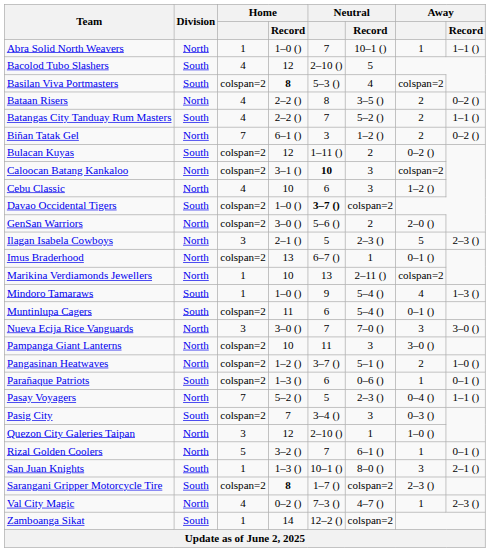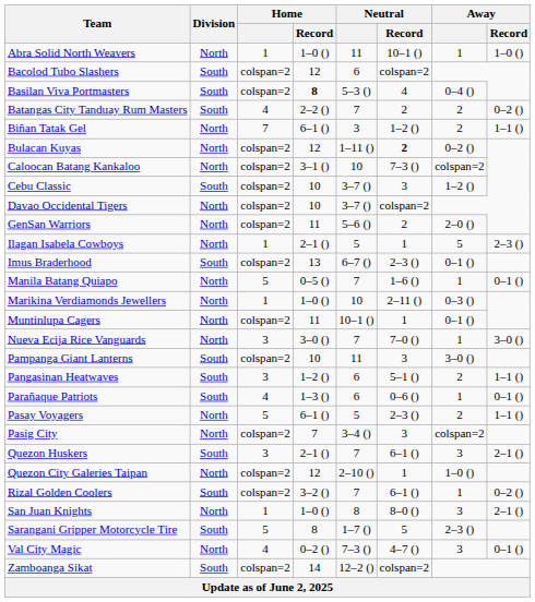 <table class="wikitable sortable" style="text-align:center">
 <tr>
 <th rowspan=2>Team</th>
 <th rowspan=2>Division</th>
 <th colspan=2 class="unsortable">Home</th>
 <th colspan=2 class="unsortable">Neutral</th>
 <th colspan=2 class="unsortable">Away</th>
 </tr>
 <tr>
 <th></th>
 <th>Record</th>
 <th></th>
 <th>Record</th>
 <th></th>
 <th>Record</th>
 </tr>
 <tr>
 <td align=left><a href='#'>Abra Solid North Weavers</a></td>
 <td><a href='#'>North</a></td>
 <td>1</td>
 <td>1–0 ()</td>
-<td>7</td>
+<td>11</td>
 <td>10–1 ()</td>
 <td>1</td>
-<td>1–1 ()</td>
+<td>1–0 ()</td>
 </tr>
 <tr>
 <td align=left><a href='#'>Bacolod Tubo Slashers</a></td>
 <td><a href='#'>South</a></td>
-<td>4</td>
+<td>colspan=2 </td>
 <td>12</td>
-<td>2–10 ()</td>
-<td>5</td>
+<td>6</td>
+<td>colspan=2 </td>
 </tr>
 <tr>
 <td align=left><a href='#'>Basilan Viva Portmasters</a></td>
 <td><a href='#'>South</a></td>
 <td>colspan=2 </td>
 <td><strong>8</strong></td>
 <td>5–3 ()</td>
 <td>4</td>
-<td>colspan=2 </td>
-</tr>
-<tr>
-<td align=left><a href='#'>Bataan Risers</a></td>
-<td><a href='#'>North</a></td>
-<td>4</td>
-<td>2–2 ()</td>
-<td>8</td>
-<td>3–5 ()</td>
-<td>2</td>
-<td>0–2 ()</td>
+<td>0–4 ()</td>
 </tr>
 <tr>
 <td align=left><a href='#'>Batangas City Tanduay Rum Masters</a></td>
 <td><a href='#'>South</a></td>
 <td>4</td>
 <td>2–2 ()</td>
 <td>7</td>
-<td>5–2 ()</td>
 <td>2</td>
-<td>1–1 ()</td>
+<td>2</td>
+<td>0–2 ()</td>
 </tr>
 <tr>
 <td align=left><a href='#'>Biñan Tatak Gel</a></td>
 <td><a href='#'>North</a></td>
 <td>7</td>
 <td>6–1 ()</td>
 <td>3</td>
 <td>1–2 ()</td>
 <td>2</td>
-<td>0–2 ()</td>
+<td>1–1 ()</td>
 </tr>
 <tr>
 <td align=left><a href='#'>Bulacan Kuyas</a></td>
-<td><a href='#'>South</a></td>
+<td><a href='#'>North</a></td>
 <td>colspan=2 </td>
 <td>12</td>
 <td>1–11 ()</td>
-<td>2</td>
+<td><strong>2</strong></td>
 <td>0–2 ()</td>
 </tr>
 <tr>
 <td align=left><a href='#'>Caloocan Batang Kankaloo</a></td>
 <td><a href='#'>North</a></td>
 <td>colspan=2 </td>
 <td>3–1 ()</td>
-<td><strong>10</strong></td>
-<td>3</td>
+<td>10</td>
+<td>7–3 ()</td>
 <td>colspan=2 </td>
 </tr>
 <tr>
 <td align=left><a href='#'>Cebu Classic</a></td>
-<td><a href='#'>North</a></td>
-<td>4</td>
+<td><a href='#'>South</a></td>
+<td>colspan=2 </td>
 <td>10</td>
-<td>6</td>
+<td>3–7 ()</td>
 <td>3</td>
 <td>1–2 ()</td>
 </tr>
 <tr>
 <td align=left><a href='#'>Davao Occidental Tigers</a></td>
-<td><a href='#'>South</a></td>
+<td><a href='#'>North</a></td>
 <td>colspan=2 </td>
-<td>1–0 ()</td>
-<td><strong>3–7 ()</strong></td>
+<td>10</td>
+<td>3–7 ()</td>
 <td>colspan=2 </td>
 </tr>
 <tr>
 <td align=left><a href='#'>GenSan Warriors</a></td>
 <td><a href='#'>North</a></td>
 <td>colspan=2 </td>
-<td>3–0 ()</td>
+<td>11</td>
 <td>5–6 ()</td>
 <td>2</td>
 <td>2–0 ()</td>
 </tr>
 <tr>
 <td align=left><a href='#'>Ilagan Isabela Cowboys</a></td>
 <td><a href='#'>North</a></td>
-<td>3</td>
+<td>1</td>
 <td>2–1 ()</td>
 <td>5</td>
-<td>2–3 ()</td>
+<td>1</td>
 <td>5</td>
 <td>2–3 ()</td>
 </tr>
 <tr>
 <td align=left><a href='#'>Imus Braderhood</a></td>
-<td><a href='#'>North</a></td>
+<td><a href='#'>South</a></td>
 <td>colspan=2 </td>
 <td>13</td>
 <td>6–7 ()</td>
+<td>2–3 ()</td>
+<td>0–1 ()</td>
+</tr>
+<tr>
+<td align=left><a href='#'>Manila Batang Quiapo</a></td>
+<td><a href='#'>North</a></td>
+<td>5</td>
+<td>0–5 ()</td>
+<td>7</td>
+<td>1–6 ()</td>
 <td>1</td>
 <td>0–1 ()</td>
 </tr>
 <tr>
 <td align=left><a href='#'>Marikina Verdiamonds Jewellers</a></td>
 <td><a href='#'>North</a></td>
 <td>1</td>
+<td>1–0 ()</td>
 <td>10</td>
-<td>13</td>
 <td>2–11 ()</td>
-<td>colspan=2 </td>
-</tr>
-<tr>
-<td align=left><a href='#'>Mindoro Tamaraws</a></td>
-<td><a href='#'>South</a></td>
-<td>1</td>
-<td>1–0 ()</td>
-<td>9</td>
-<td>5–4 ()</td>
-<td>4</td>
-<td>1–3 ()</td>
+<td>0–3 ()</td>
 </tr>
 <tr>
 <td align=left><a href='#'>Muntinlupa Cagers</a></td>
-<td><a href='#'>South</a></td>
+<td><a href='#'>North</a></td>
 <td>colspan=2 </td>
 <td>11</td>
-<td>6</td>
-<td>5–4 ()</td>
+<td>10–1 ()</td>
+<td>1</td>
 <td>0–1 ()</td>
 </tr>
 <tr>
 <td align=left><a href='#'>Nueva Ecija Rice Vanguards</a></td>
 <td><a href='#'>North</a></td>
 <td>3</td>
 <td>3–0 ()</td>
 <td>7</td>
 <td>7–0 ()</td>
-<td>3</td>
+<td>1</td>
 <td>3–0 ()</td>
 </tr>
 <tr>
 <td align=left><a href='#'>Pampanga Giant Lanterns</a></td>
-<td><a href='#'>North</a></td>
+<td><a href='#'>South</a></td>
 <td>colspan=2 </td>
 <td>10</td>
 <td>11</td>
 <td>3</td>
 <td>3–0 ()</td>
 </tr>
 <tr>
 <td align=left><a href='#'>Pangasinan Heatwaves</a></td>
-<td><a href='#'>North</a></td>
-<td>colspan=2 </td>
+<td><a href='#'>South</a></td>
+<td>3</td>
 <td>1–2 ()</td>
-<td>3–7 ()</td>
+<td>6</td>
 <td>5–1 ()</td>
 <td>2</td>
-<td>1–0 ()</td>
+<td>1–1 ()</td>
 </tr>
 <tr>
 <td align=left><a href='#'>Parañaque Patriots</a></td>
 <td><a href='#'>South</a></td>
-<td>colspan=2 </td>
+<td>4</td>
 <td>1–3 ()</td>
 <td>6</td>
 <td>0–6 ()</td>
 <td>1</td>
 <td>0–1 ()</td>
 </tr>
 <tr>
 <td align=left><a href='#'>Pasay Voyagers</a></td>
 <td><a href='#'>North</a></td>
-<td>7</td>
-<td>5–2 ()</td>
+<td>5</td>
+<td>6–1 ()</td>
 <td>5</td>
 <td>2–3 ()</td>
-<td>0–4 ()</td>
+<td>2</td>
 <td>1–1 ()</td>
 </tr>
 <tr>
 <td align=left><a href='#'>Pasig City</a></td>
-<td><a href='#'>South</a></td>
+<td><a href='#'>North</a></td>
 <td>colspan=2 </td>
 <td>7</td>
 <td>3–4 ()</td>
 <td>3</td>
-<td>0–3 ()</td>
+<td>colspan=2 </td>
+</tr>
+<tr>
+<td align=left><a href='#'>Quezon Huskers</a></td>
+<td><a href='#'>South</a></td>
+<td>3</td>
+<td>2–1 ()</td>
+<td>7</td>
+<td>6–1 ()</td>
+<td>3</td>
+<td>2–1 ()</td>
 </tr>
 <tr>
 <td align=left><a href='#'>Quezon City Galeries Taipan</a></td>
 <td><a href='#'>North</a></td>
-<td>3</td>
+<td>colspan=2 </td>
 <td>12</td>
 <td>2–10 ()</td>
 <td>1</td>
 <td>1–0 ()</td>
 </tr>
 <tr>
 <td align=left><a href='#'>Rizal Golden Coolers</a></td>
-<td><a href='#'>North</a></td>
-<td>5</td>
+<td><a href='#'>South</a></td>
+<td>colspan=2 </td>
 <td>3–2 ()</td>
 <td>7</td>
 <td>6–1 ()</td>
 <td>1</td>
-<td>0–1 ()</td>
+<td>0–2 ()</td>
 </tr>
 <tr>
 <td align=left><a href='#'>San Juan Knights</a></td>
-<td><a href='#'>South</a></td>
+<td><a href='#'>North</a></td>
 <td>1</td>
-<td>1–3 ()</td>
-<td>10–1 ()</td>
+<td>1–0 ()</td>
+<td>8</td>
 <td>8–0 ()</td>
 <td>3</td>
 <td>2–1 ()</td>
 </tr>
 <tr>
 <td align=left><a href='#'>Sarangani Gripper Motorcycle Tire</a></td>
 <td><a href='#'>South</a></td>
-<td>colspan=2 </td>
-<td><strong>8</strong></td>
+<td>5</td>
+<td>8</td>
 <td>1–7 ()</td>
-<td>colspan=2 </td>
+<td>5</td>
 <td>2–3 ()</td>
 </tr>
 <tr>
 <td align=left><a href='#'>Val City Magic</a></td>
 <td><a href='#'>North</a></td>
 <td>4</td>
 <td>0–2 ()</td>
 <td>7–3 ()</td>
 <td>4–7 ()</td>
-<td>1</td>
-<td>2–3 ()</td>
+<td>3</td>
+<td>0–1 ()</td>
 </tr>
 <tr>
 <td align=left><a href='#'>Zamboanga Sikat</a></td>
 <td><a href='#'>South</a></td>
-<td>1</td>
+<td>colspan=2 </td>
 <td>14</td>
 <td>12–2 ()</td>
 <td>colspan=2 </td>
 </tr>
 <tr>
 <th colspan=8>Update as of June 2, 2025</th>
 </tr>
 </table>
